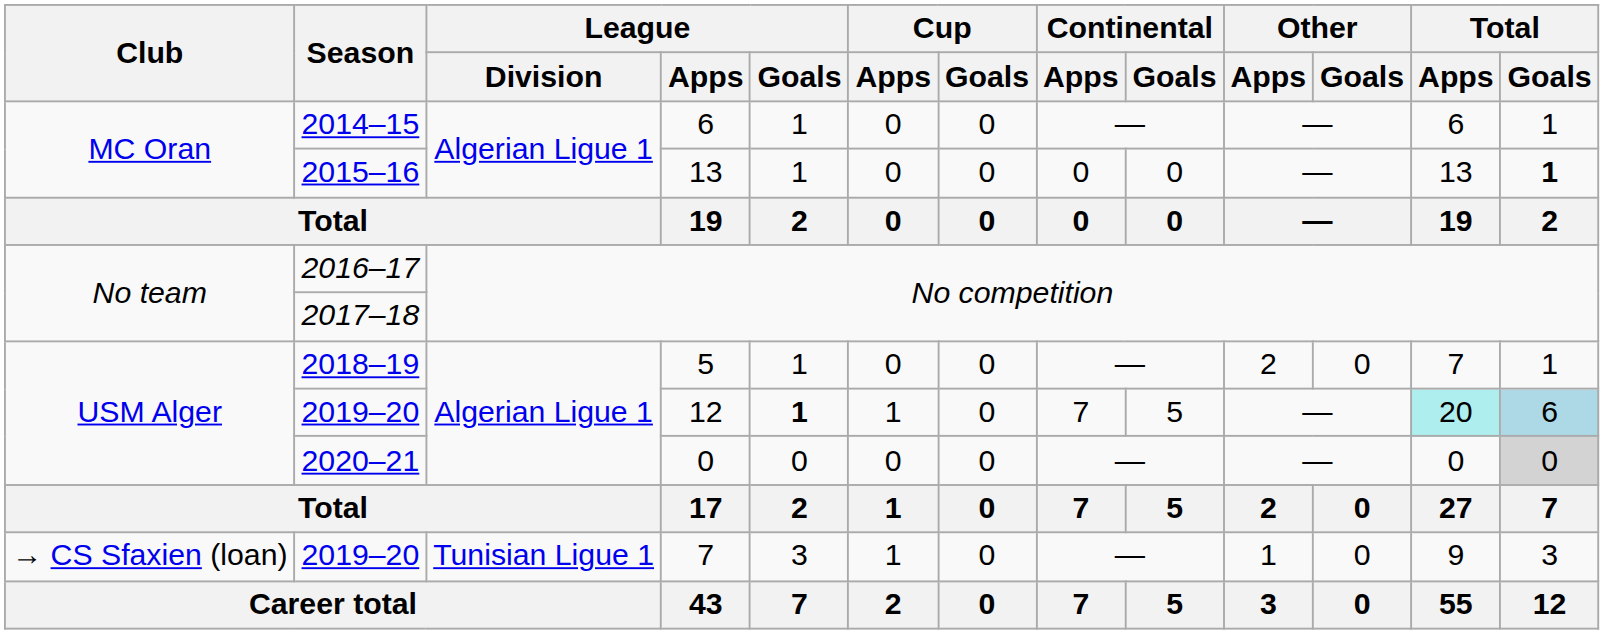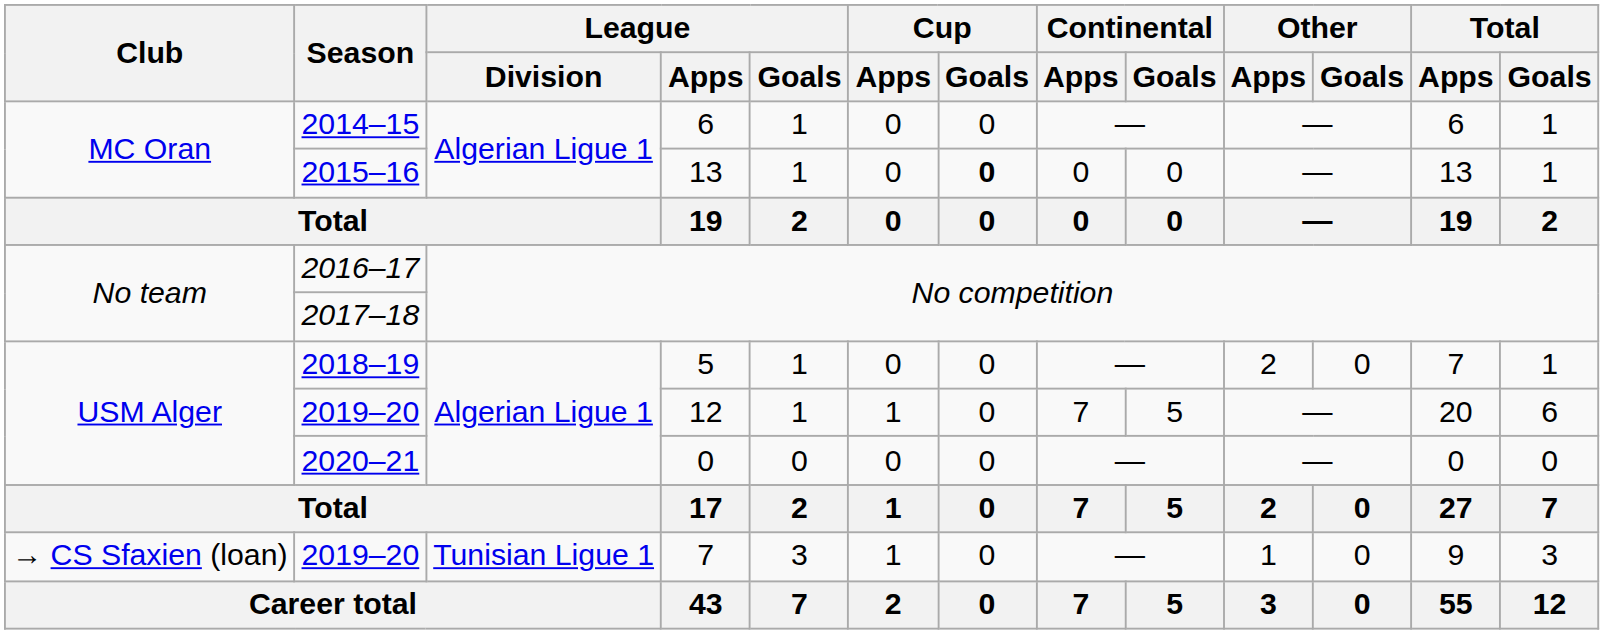 <table class="wikitable" style="text-align: center;">
 <tr>
 <th rowspan="2">Club</th>
 <th rowspan="2">Season</th>
 <th colspan="3">League</th>
 <th colspan="2">Cup</th>
 <th colspan="2">Continental</th>
 <th colspan="2">Other</th>
 <th colspan="2">Total</th>
 </tr>
 <tr>
 <th>Division</th>
 <th>Apps</th>
 <th>Goals</th>
 <th>Apps</th>
 <th>Goals</th>
 <th>Apps</th>
 <th>Goals</th>
 <th>Apps</th>
 <th>Goals</th>
 <th>Apps</th>
 <th>Goals</th>
 </tr>
 <tr>
 <td rowspan=2 valign="center"><a href='#'>MC Oran</a></td>
 <td><a href='#'>2014–15</a></td>
 <td rowspan=2><a href='#'>Algerian Ligue 1</a></td>
 <td>6</td>
 <td>1</td>
 <td>0</td>
 <td>0</td>
 <td colspan=2>—</td>
 <td colspan=2>—</td>
 <td>6</td>
 <td>1</td>
 </tr>
 <tr>
 <td><a href='#'>2015–16</a></td>
 <td>13</td>
 <td>1</td>
 <td>0</td>
-<td>0</td>
+<td><strong>0</strong></td>
 <td>0</td>
 <td>0</td>
 <td colspan=2>—</td>
 <td>13</td>
-<td><strong>1</strong></td>
+<td>1</td>
 </tr>
 <tr>
 <th colspan="3">Total</th>
 <th>19</th>
 <th>2</th>
 <th>0</th>
 <th>0</th>
 <th>0</th>
 <th>0</th>
 <th colspan=2>—</th>
 <th>19</th>
 <th>2</th>
 </tr>
 <tr>
 <td rowspan=2 valign="center"><em>No team</em></td>
 <td><em>2016–17</em></td>
 <td rowspan=2 colspan=11><em>No competition</em></td>
 </tr>
 <tr>
 <td><em>2017–18</em></td>
 </tr>
 <tr>
 <td rowspan=3 valign="center"><a href='#'>USM Alger</a></td>
 <td><a href='#'>2018–19</a></td>
 <td rowspan=3><a href='#'>Algerian Ligue 1</a></td>
 <td>5</td>
 <td>1</td>
 <td>0</td>
 <td>0</td>
 <td colspan=2>—</td>
 <td>2</td>
 <td>0</td>
 <td>7</td>
 <td>1</td>
 </tr>
 <tr>
 <td><a href='#'>2019–20</a></td>
 <td>12</td>
-<td><strong>1</strong></td>
+<td>1</td>
 <td>1</td>
 <td>0</td>
 <td>7</td>
 <td>5</td>
 <td colspan=2>—</td>
-<td style="background: paleturquoise;">20</td>
-<td style="background: lightblue;">6</td>
+<td>20</td>
+<td>6</td>
 </tr>
 <tr>
 <td><a href='#'>2020–21</a></td>
 <td>0</td>
 <td>0</td>
 <td>0</td>
 <td>0</td>
 <td colspan=2>—</td>
 <td colspan=2>—</td>
 <td>0</td>
-<td style="background: lightgrey;">0</td>
+<td>0</td>
 </tr>
 <tr>
 <th colspan="3">Total</th>
 <th>17</th>
 <th>2</th>
 <th>1</th>
 <th>0</th>
 <th>7</th>
 <th>5</th>
 <th>2</th>
 <th>0</th>
 <th>27</th>
 <th>7</th>
 </tr>
 <tr>
 <td valign="center">→ <a href='#'>CS Sfaxien</a> (loan)</td>
 <td><a href='#'>2019–20</a></td>
 <td><a href='#'>Tunisian Ligue 1</a></td>
 <td>7</td>
 <td>3</td>
 <td>1</td>
 <td>0</td>
 <td colspan=2>—</td>
 <td>1</td>
 <td>0</td>
 <td>9</td>
 <td>3</td>
 </tr>
 <tr>
 <th colspan="3">Career total</th>
 <th>43</th>
 <th>7</th>
 <th>2</th>
 <th>0</th>
 <th>7</th>
 <th>5</th>
 <th>3</th>
 <th>0</th>
 <th>55</th>
 <th>12</th>
 </tr>
 </table>
